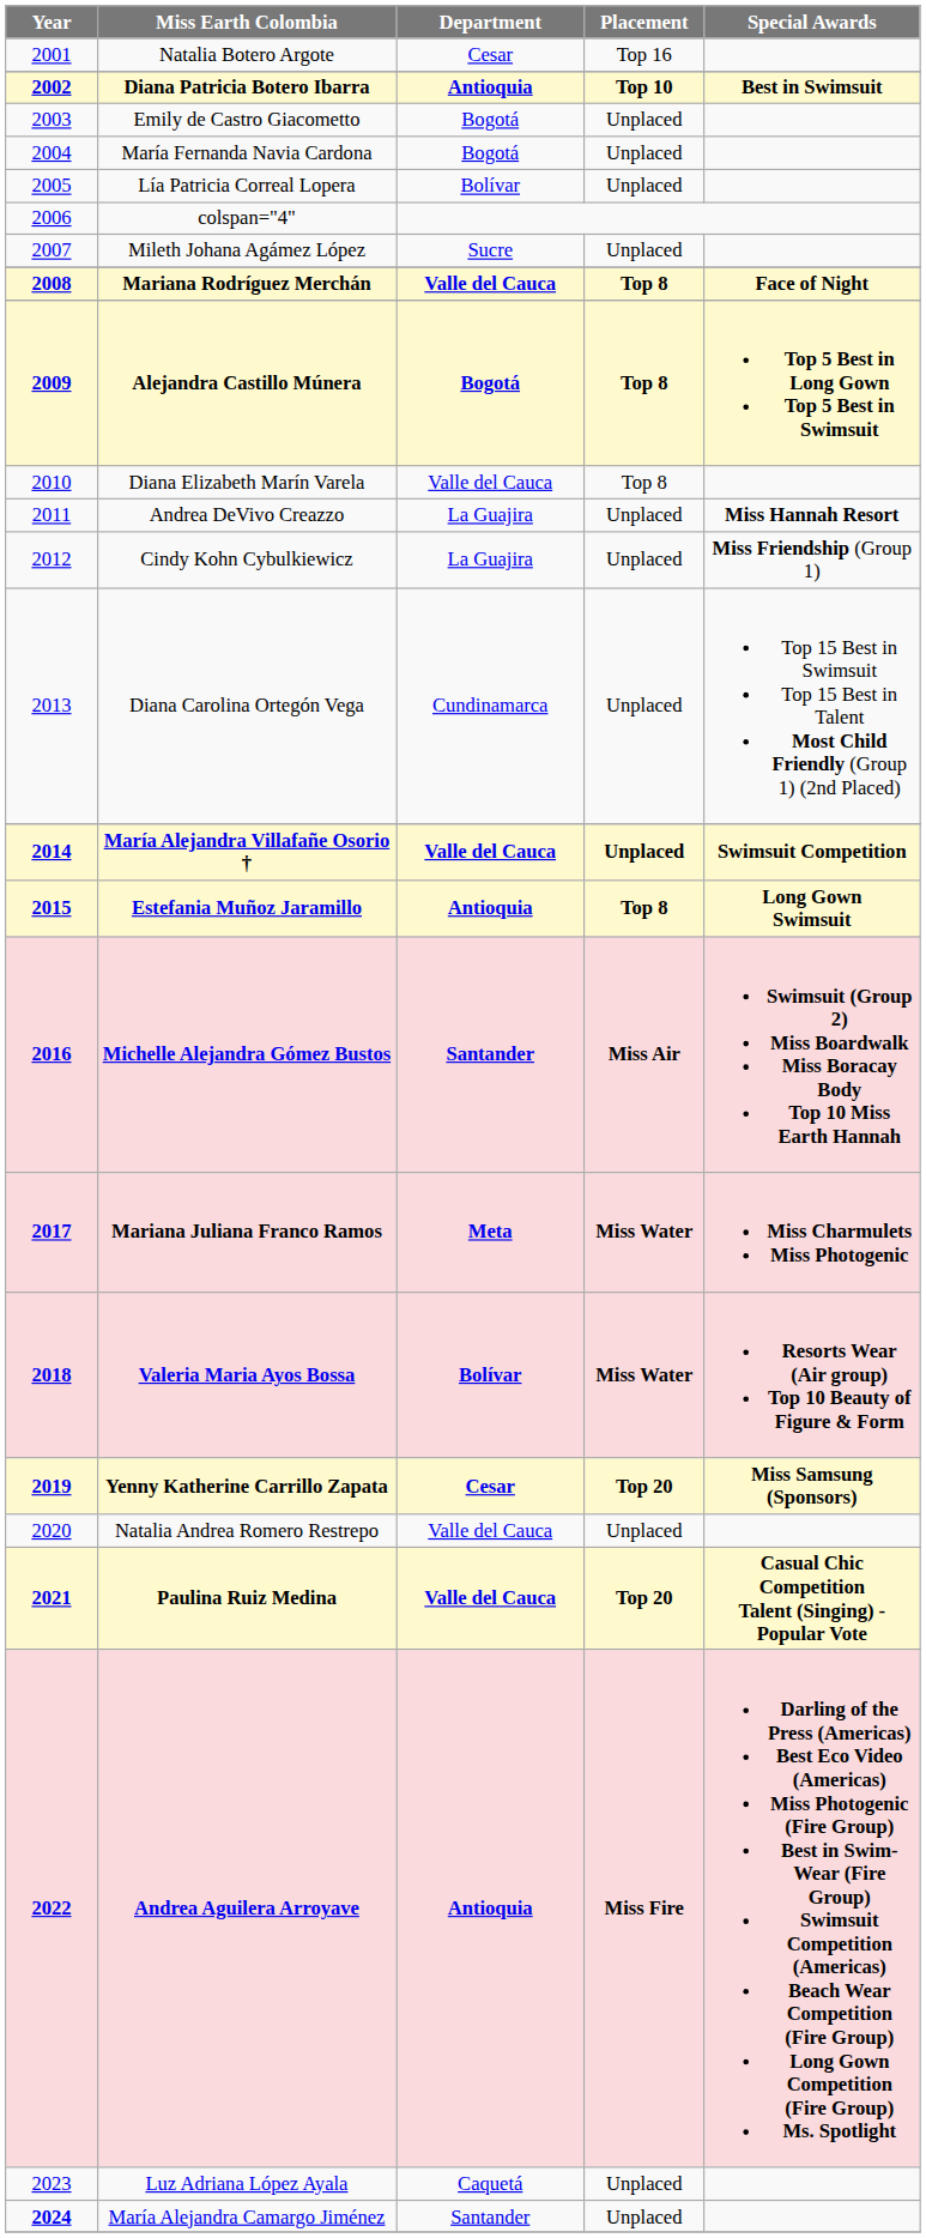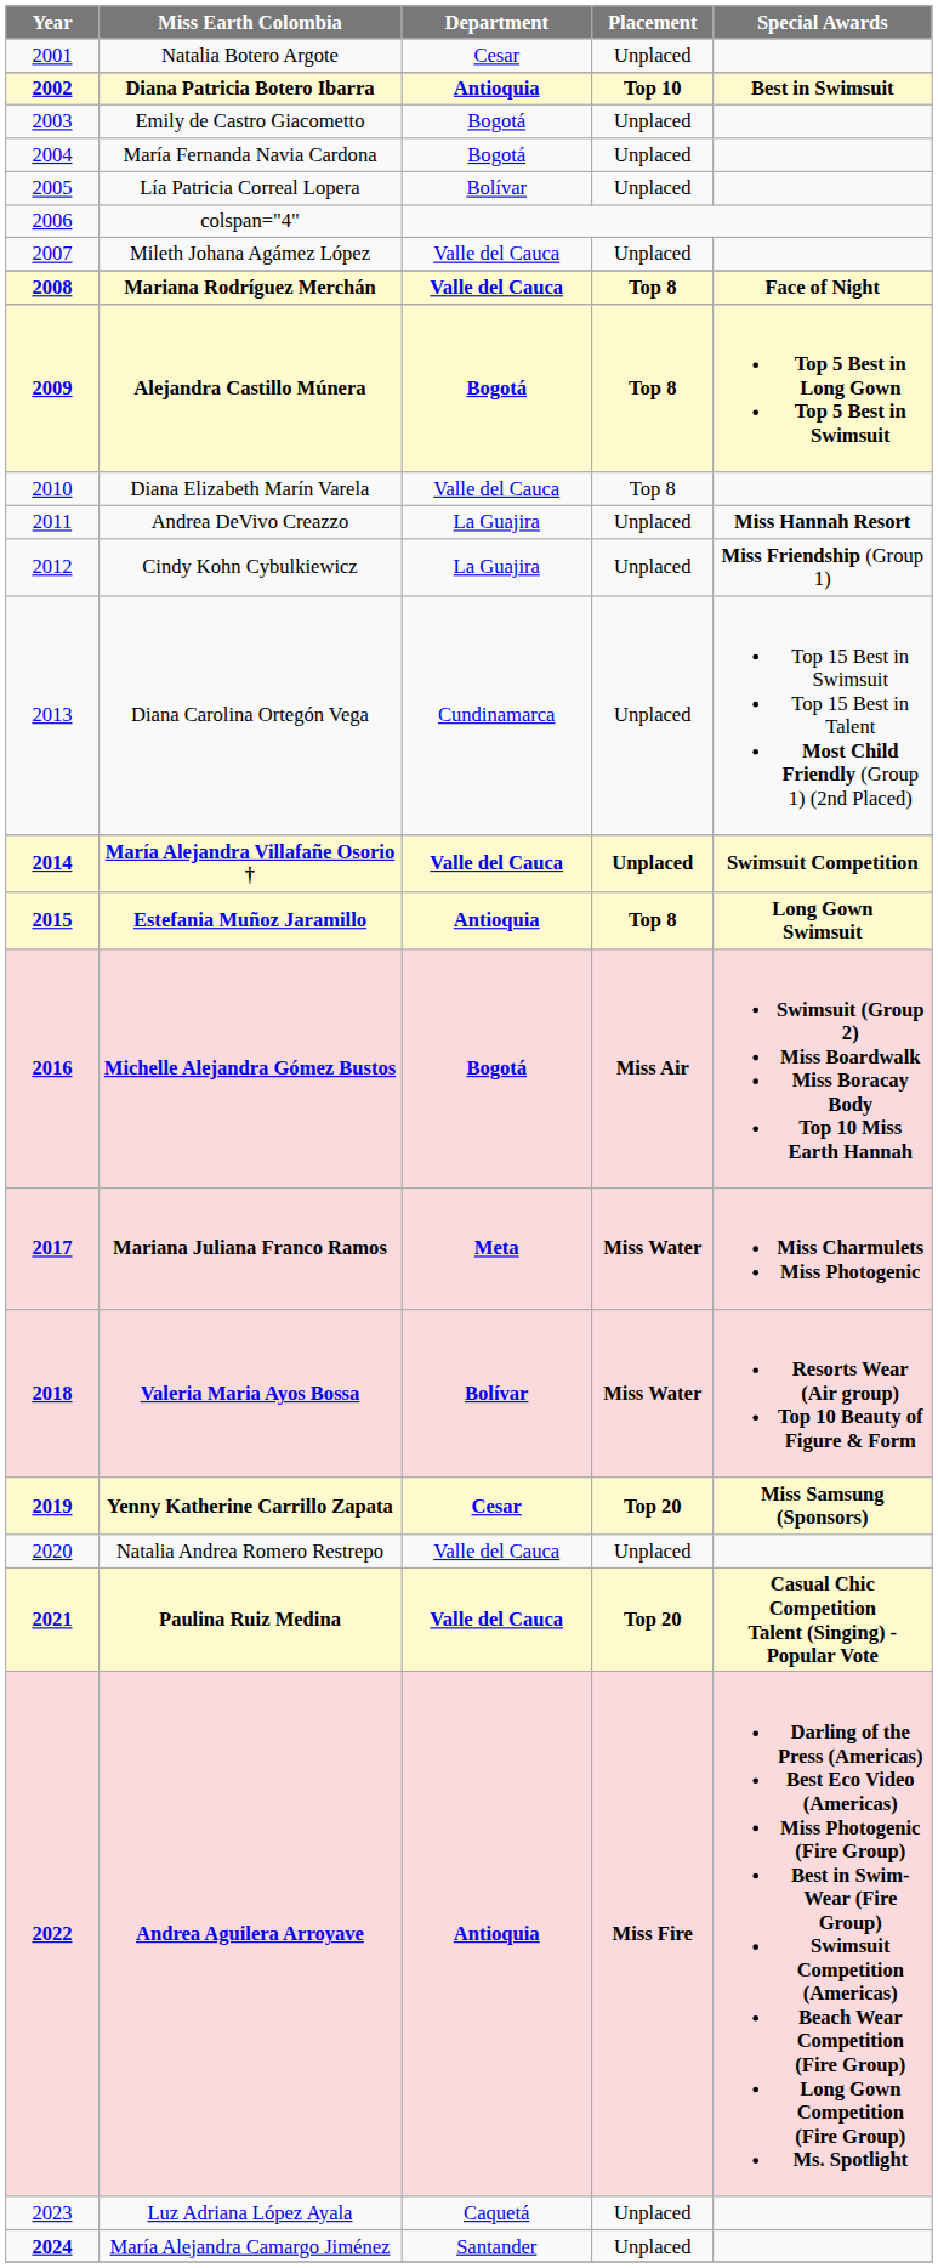 <table class="wikitable " style="font-size: 90%; text-align:center;">
 <tr>
 <th width="60" style="background-color:#787878;color:#FFFFFF;">Year</th>
 <th width="210" style="background-color:#787878;color:#FFFFFF;">Miss Earth Colombia</th>
 <th width="130" style="background-color:#787878;color:#FFFFFF;">Department</th>
 <th width="80" style="background-color:#787878;color:#FFFFFF;">Placement</th>
 <th width="150" style="background-color:#787878;color:#FFFFFF;">Special Awards</th>
 </tr>
 <tr>
 <td><a href='#'>2001</a></td>
 <td>Natalia Botero Argote</td>
 <td><a href='#'>Cesar</a></td>
-<td>Top 16</td>
+<td>Unplaced</td>
 <td></td>
 </tr>
 <tr>
 </tr>
 <tr style="background-color:#FFFACD; font-weight: bold">
 <td><a href='#'>2002</a></td>
 <td>Diana Patricia Botero Ibarra</td>
 <td><a href='#'>Antioquia</a></td>
 <td>Top 10</td>
 <td><strong>Best in Swimsuit</strong></td>
 </tr>
 <tr>
 <td><a href='#'>2003</a></td>
 <td>Emily de Castro Giacometto</td>
 <td><a href='#'>Bogotá</a></td>
 <td>Unplaced</td>
 <td></td>
 </tr>
 <tr>
 <td><a href='#'>2004</a></td>
 <td>María Fernanda Navia Cardona</td>
 <td><a href='#'>Bogotá</a></td>
 <td>Unplaced</td>
 <td></td>
 </tr>
 <tr>
 <td><a href='#'>2005</a></td>
 <td>Lía Patricia Correal Lopera</td>
 <td><a href='#'>Bolívar</a></td>
 <td>Unplaced</td>
 <td></td>
 </tr>
 <tr>
 <td><a href='#'>2006</a></td>
 <td>colspan="4" </td>
 </tr>
 <tr>
 <td><a href='#'>2007</a></td>
 <td>Mileth Johana Agámez López</td>
-<td><a href='#'>Sucre</a></td>
+<td><a href='#'>Valle del Cauca</a></td>
 <td>Unplaced</td>
 <td></td>
 </tr>
 <tr>
 </tr>
 <tr style="background-color:#FFFACD; font-weight: bold">
 <td><a href='#'>2008</a></td>
 <td>Mariana Rodríguez Merchán</td>
 <td><a href='#'>Valle del Cauca</a></td>
 <td>Top 8</td>
 <td><strong>Face of Night</strong></td>
 </tr>
 <tr>
 </tr>
 <tr style="background-color:#FFFACD; font-weight: bold">
 <td><a href='#'>2009</a></td>
 <td>Alejandra Castillo Múnera</td>
 <td><a href='#'>Bogotá</a></td>
 <td>Top 8</td>
 <td><br><ul><li>Top 5 Best in Long Gown</li><li>Top 5 Best in Swimsuit</li></ul></td>
 </tr>
 <tr>
 <td><a href='#'>2010</a></td>
 <td>Diana Elizabeth Marín Varela</td>
 <td><a href='#'>Valle del Cauca</a></td>
 <td>Top 8</td>
 <td></td>
 </tr>
 <tr>
 <td><a href='#'>2011</a></td>
 <td>Andrea DeVivo Creazzo</td>
 <td><a href='#'>La Guajira</a></td>
 <td>Unplaced</td>
 <td><strong>Miss Hannah Resort</strong></td>
 </tr>
 <tr>
 <td><a href='#'>2012</a></td>
 <td>Cindy Kohn Cybulkiewicz</td>
 <td><a href='#'>La Guajira</a></td>
 <td>Unplaced</td>
 <td><strong>Miss Friendship</strong> (Group 1)</td>
 </tr>
 <tr>
 <td><a href='#'>2013</a></td>
 <td>Diana Carolina Ortegón Vega</td>
 <td><a href='#'>Cundinamarca</a></td>
 <td>Unplaced</td>
 <td><br><ul><li>Top 15 Best in Swimsuit</li><li>Top 15 Best in Talent</li><li><strong>Most Child Friendly</strong> (Group 1) (2nd Placed)</li></ul></td>
 </tr>
 <tr>
 </tr>
 <tr style="background-color:#FFFACD; font-weight: bold">
 <td><a href='#'>2014</a></td>
 <td><a href='#'>María Alejandra Villafañe Osorio</a> †</td>
 <td><a href='#'>Valle del Cauca</a></td>
 <td>Unplaced</td>
 <td> <strong>Swimsuit Competition</strong></td>
 </tr>
 <tr style="background-color:#FFFACD; font-weight: bold">
 <td><a href='#'>2015</a></td>
 <td><a href='#'>Estefania Muñoz Jaramillo</a></td>
 <td><a href='#'>Antioquia</a></td>
 <td>Top 8</td>
 <td> <strong>Long Gown</strong> <br>  <strong>Swimsuit</strong></td>
 </tr>
 <tr style="background-color:#FADADD; font-weight: bold">
 <td><a href='#'>2016</a></td>
 <td><a href='#'>Michelle Alejandra Gómez Bustos</a></td>
-<td><a href='#'>Santander</a></td>
+<td><a href='#'>Bogotá</a></td>
 <td>Miss Air<br><em></em></td>
 <td><br><ul><li> <strong>Swimsuit (Group 2)</strong></li><li><strong>Miss Boardwalk</strong></li><li><strong>Miss Boracay Body</strong></li><li>Top 10 Miss Earth Hannah</li></ul></td>
 </tr>
 <tr style="background-color:#FADADD; font-weight: bold">
 <td><a href='#'>2017</a></td>
 <td>Mariana Juliana Franco Ramos</td>
 <td><a href='#'>Meta</a></td>
 <td>Miss Water<br><em></em></td>
 <td><br><ul><li>Miss Charmulets</li><li> Miss Photogenic</li></ul></td>
 </tr>
 <tr style="background-color:#FADADD; font-weight: bold">
 <td><a href='#'>2018</a></td>
 <td><a href='#'>Valeria Maria Ayos Bossa</a></td>
 <td><a href='#'>Bolívar</a></td>
 <td>Miss Water<br><em></em></td>
 <td><br><ul><li> Resorts Wear (Air group)</li><li>Top 10 Beauty of Figure & Form</li></ul></td>
 </tr>
 <tr style="background-color:#FFFACD; font-weight: bold">
 <td><a href='#'>2019</a></td>
 <td>Yenny Katherine Carrillo Zapata</td>
 <td><a href='#'>Cesar</a></td>
 <td>Top 20</td>
 <td>Miss Samsung (Sponsors)</td>
 </tr>
 <tr>
 <td><a href='#'>2020</a></td>
 <td>Natalia Andrea Romero Restrepo</td>
 <td><a href='#'>Valle del Cauca</a></td>
 <td>Unplaced</td>
 <td></td>
 </tr>
 <tr style="background-color:#FFFACD; font-weight: bold">
 <td><a href='#'>2021</a></td>
 <td>Paulina Ruiz Medina</td>
 <td><a href='#'>Valle del Cauca</a></td>
 <td>Top 20</td>
 <td> <strong>Casual Chic Competition</strong><br> Talent (Singing) - Popular Vote</td>
 </tr>
 <tr style="background-color:#FADADD; font-weight: bold">
 <td><a href='#'>2022</a></td>
 <td><a href='#'>Andrea Aguilera Arroyave</a></td>
 <td><a href='#'>Antioquia</a></td>
 <td><strong>Miss Fire</strong><br><em></em></td>
 <td><br><ul><li> Darling of the Press (Americas)</li><li>Best Eco Video (Americas)</li><li>Miss Photogenic (Fire Group)</li><li>Best in Swim-Wear (Fire Group)</li><li> Swimsuit Competition (Americas)</li><li> Beach Wear Competition (Fire Group)</li><li> Long Gown Competition (Fire Group)</li><li>Ms. Spotlight</li></ul></td>
 </tr>
 <tr>
 <td><a href='#'>2023</a></td>
 <td><a href='#'>Luz Adriana López Ayala</a></td>
 <td><a href='#'>Caquetá</a></td>
 <td>Unplaced</td>
 <td></td>
 </tr>
 <tr>
 <td><strong><a href='#'>2024</a></strong></td>
 <td><a href='#'>María Alejandra Camargo Jiménez</a></td>
 <td><a href='#'>Santander</a></td>
 <td>Unplaced</td>
 <td></td>
 </tr>
 <tr>
 </tr>
 </table>
